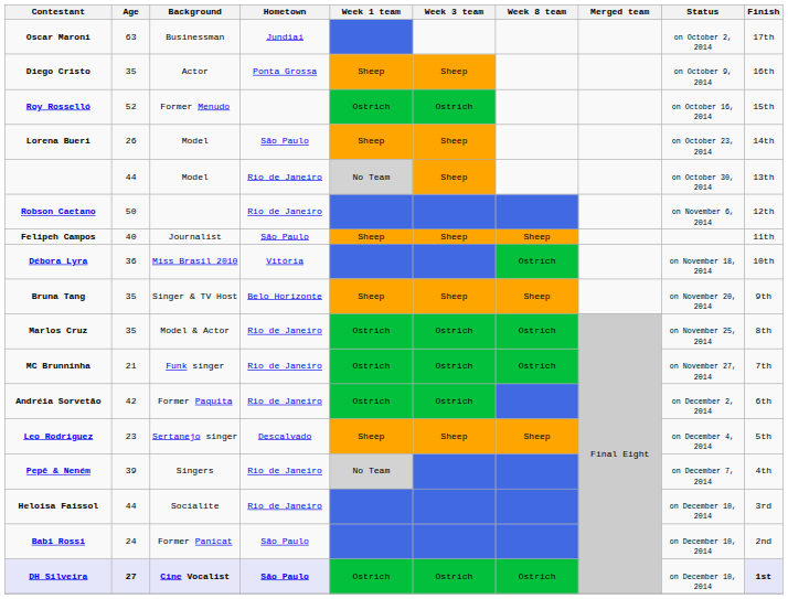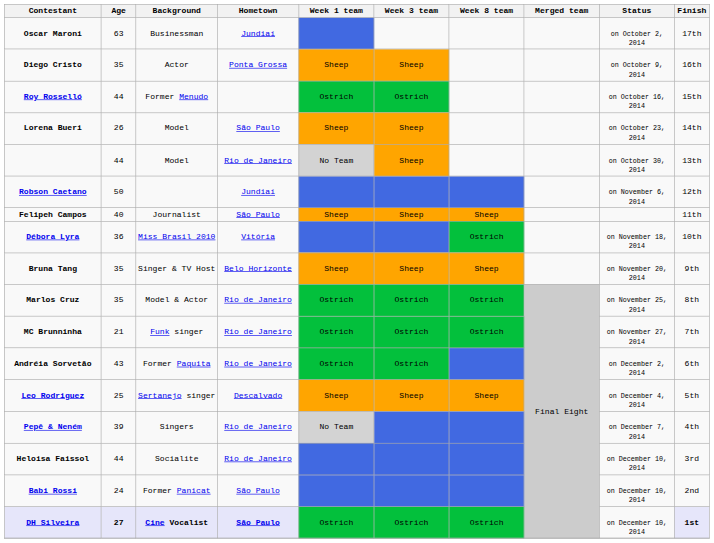 <table class= "wikitable sortable" style="text-align: center; margin:auto; align: center">
 <tr>
 <th width=150>Contestant</th>
 <th width=050>Age</th>
 <th width=125>Background</th>
 <th width=125>Hometown</th>
 <th width=115>Week 1 team</th>
 <th width=115>Week 3 team</th>
 <th width=115>Week 8 team</th>
 <th width=115>Merged team</th>
 <th width=115>Status</th>
 <th width=050>Finish</th>
 </tr>
 <tr>
 <td><strong>Oscar Maroni</strong></td>
 <td>63</td>
 <td>Businessman</td>
 <td><a href='#'>Jundiaí</a></td>
 <td bgcolor="4169E1"></td>
 <td></td>
 <td></td>
 <td></td>
 <td><br><small>on October 2, 2014</small></td>
 <td>17th</td>
 </tr>
 <tr>
 <td><strong>Diego Cristo</strong></td>
 <td>35</td>
 <td>Actor</td>
 <td><a href='#'>Ponta Grossa</a></td>
 <td bgcolor="FFA500">Sheep</td>
 <td bgcolor="FFA500">Sheep</td>
 <td></td>
 <td></td>
 <td><br><small>on October 9, 2014</small></td>
 <td>16th</td>
 </tr>
 <tr>
 <td><strong><a href='#'>Roy Rosselló</a></strong></td>
-<td>52</td>
+<td>44</td>
 <td>Former <a href='#'>Menudo</a></td>
 <td></td>
 <td bgcolor="03C03C">Ostrich</td>
 <td bgcolor="03C03C">Ostrich</td>
 <td></td>
 <td></td>
 <td><br><small>on October 16, 2014</small></td>
 <td>15th</td>
 </tr>
 <tr>
 <td><strong>Lorena Bueri</strong></td>
 <td>26</td>
 <td>Model</td>
 <td><a href='#'>São Paulo</a></td>
 <td bgcolor="FFA500">Sheep</td>
 <td bgcolor="FFA500">Sheep</td>
 <td></td>
 <td></td>
 <td><br><small>on October 23, 2014</small></td>
 <td>14th</td>
 </tr>
 <tr>
 <td></td>
 <td>44</td>
 <td>Model</td>
 <td><a href='#'>Rio de Janeiro</a></td>
 <td bgcolor="D3D3D3">No Team</td>
 <td bgcolor="FFA500">Sheep</td>
 <td></td>
 <td></td>
 <td><br><small>on October 30, 2014</small></td>
 <td>13th</td>
 </tr>
 <tr>
 <td><strong><a href='#'>Robson Caetano</a></strong></td>
 <td>50</td>
 <td></td>
-<td><a href='#'>Rio de Janeiro</a></td>
+<td><a href='#'>Jundiaí</a></td>
 <td bgcolor="4169E1"></td>
 <td bgcolor="4169E1"></td>
 <td bgcolor="4169E1"></td>
 <td></td>
 <td><br><small>on November 6, 2014</small></td>
 <td>12th</td>
 </tr>
 <tr>
 <td><strong>Felipeh Campos</strong></td>
 <td>40</td>
 <td>Journalist</td>
 <td><a href='#'>São Paulo</a></td>
 <td bgcolor="FFA500">Sheep</td>
 <td bgcolor="FFA500">Sheep</td>
 <td bgcolor="FFA500">Sheep</td>
 <td></td>
 <td><br><small></small></td>
 <td>11th</td>
 </tr>
 <tr>
 <td><strong><a href='#'>Débora Lyra</a></strong></td>
 <td>36</td>
 <td><a href='#'>Miss Brasil 2010</a></td>
 <td><a href='#'>Vitória</a></td>
 <td bgcolor="4169E1"></td>
 <td bgcolor="4169E1"></td>
 <td bgcolor="03C03C">Ostrich</td>
 <td></td>
 <td><br><small>on November 18, 2014</small></td>
 <td>10th</td>
 </tr>
 <tr>
 <td><strong>Bruna Tang</strong></td>
 <td>35</td>
 <td>Singer & TV Host</td>
 <td><a href='#'>Belo Horizonte</a></td>
 <td bgcolor="FFA500">Sheep</td>
 <td bgcolor="FFA500">Sheep</td>
 <td bgcolor="FFA500">Sheep</td>
 <td></td>
 <td><br><small>on November 20, 2014</small></td>
 <td>9th</td>
 </tr>
 <tr>
 <td><strong>Marlos Cruz</strong></td>
 <td>35</td>
 <td>Model & Actor</td>
 <td><a href='#'>Rio de Janeiro</a></td>
 <td bgcolor="03C03C">Ostrich</td>
 <td bgcolor="03C03C">Ostrich</td>
 <td bgcolor="03C03C">Ostrich</td>
 <td bgcolor="CCCCCC" rowspan=8>Final Eight</td>
 <td><br><small>on November 25, 2014</small></td>
 <td>8th</td>
 </tr>
 <tr>
 <td><strong>MC Brunninha</strong></td>
 <td>21</td>
 <td><a href='#'>Funk</a> singer</td>
 <td><a href='#'>Rio de Janeiro</a></td>
 <td bgcolor="03C03C">Ostrich</td>
 <td bgcolor="03C03C">Ostrich</td>
 <td bgcolor="03C03C">Ostrich</td>
 <td><br><small>on November 27, 2014</small></td>
 <td>7th</td>
 </tr>
 <tr>
 <td><strong>Andréia Sorvetão</strong></td>
-<td>42</td>
+<td>43</td>
 <td>Former <a href='#'>Paquita</a></td>
 <td><a href='#'>Rio de Janeiro</a></td>
 <td bgcolor="03C03C">Ostrich</td>
 <td bgcolor="03C03C">Ostrich</td>
 <td bgcolor="4169E1"></td>
 <td><br><small>on December 2, 2014</small></td>
 <td>6th</td>
 </tr>
 <tr>
 <td><strong><a href='#'>Leo Rodriguez</a></strong></td>
-<td>23</td>
+<td>25</td>
 <td><a href='#'>Sertanejo</a> singer</td>
 <td><a href='#'>Descalvado</a></td>
 <td bgcolor="FFA500">Sheep</td>
 <td bgcolor="FFA500">Sheep</td>
 <td bgcolor="FFA500">Sheep</td>
 <td><br><small>on December 4, 2014</small></td>
 <td>5th</td>
 </tr>
 <tr>
 <td><strong><a href='#'>Pepê & Neném</a></strong></td>
 <td>39</td>
 <td>Singers</td>
 <td><a href='#'>Rio de Janeiro</a></td>
 <td bgcolor="D3D3D3">No Team</td>
 <td bgcolor="4169E1"></td>
 <td bgcolor="4169E1"></td>
 <td><br><small>on December 7, 2014</small></td>
 <td>4th</td>
 </tr>
 <tr>
 <td><strong>Heloisa Faissol</strong></td>
 <td>44</td>
 <td>Socialite</td>
 <td><a href='#'>Rio de Janeiro</a></td>
 <td bgcolor="4169E1"></td>
 <td bgcolor="4169E1"></td>
 <td bgcolor="4169E1"></td>
 <td><br><small>on December 10, 2014</small></td>
 <td>3rd</td>
 </tr>
 <tr>
 <td><strong><a href='#'>Babi Rossi</a></strong></td>
 <td>24</td>
 <td>Former <a href='#'>Panicat</a></td>
 <td><a href='#'>São Paulo</a></td>
 <td bgcolor="4169E1"></td>
 <td bgcolor="4169E1"></td>
 <td bgcolor="4169E1"></td>
 <td><br><small>on December 10, 2014</small></td>
 <td>2nd</td>
 </tr>
 <tr>
 <td bgcolor="E6E6FA" nowrap><strong><a href='#'>DH Silveira</a></strong></td>
 <td bgcolor="E6E6FA"><strong>27</strong></td>
 <td bgcolor="E6E6FA"><strong><a href='#'>Cine</a> Vocalist</strong></td>
 <td bgcolor="E6E6FA"><strong><a href='#'>São Paulo</a></strong></td>
 <td bgcolor="03C03C">Ostrich</td>
 <td bgcolor="03C03C">Ostrich</td>
 <td bgcolor="03C03C">Ostrich</td>
 <td><br><small>on December 10, 2014</small></td>
 <td bgcolor="E6E6FA"><strong>1st</strong></td>
 </tr>
 <tr>
 </tr>
 </table>
